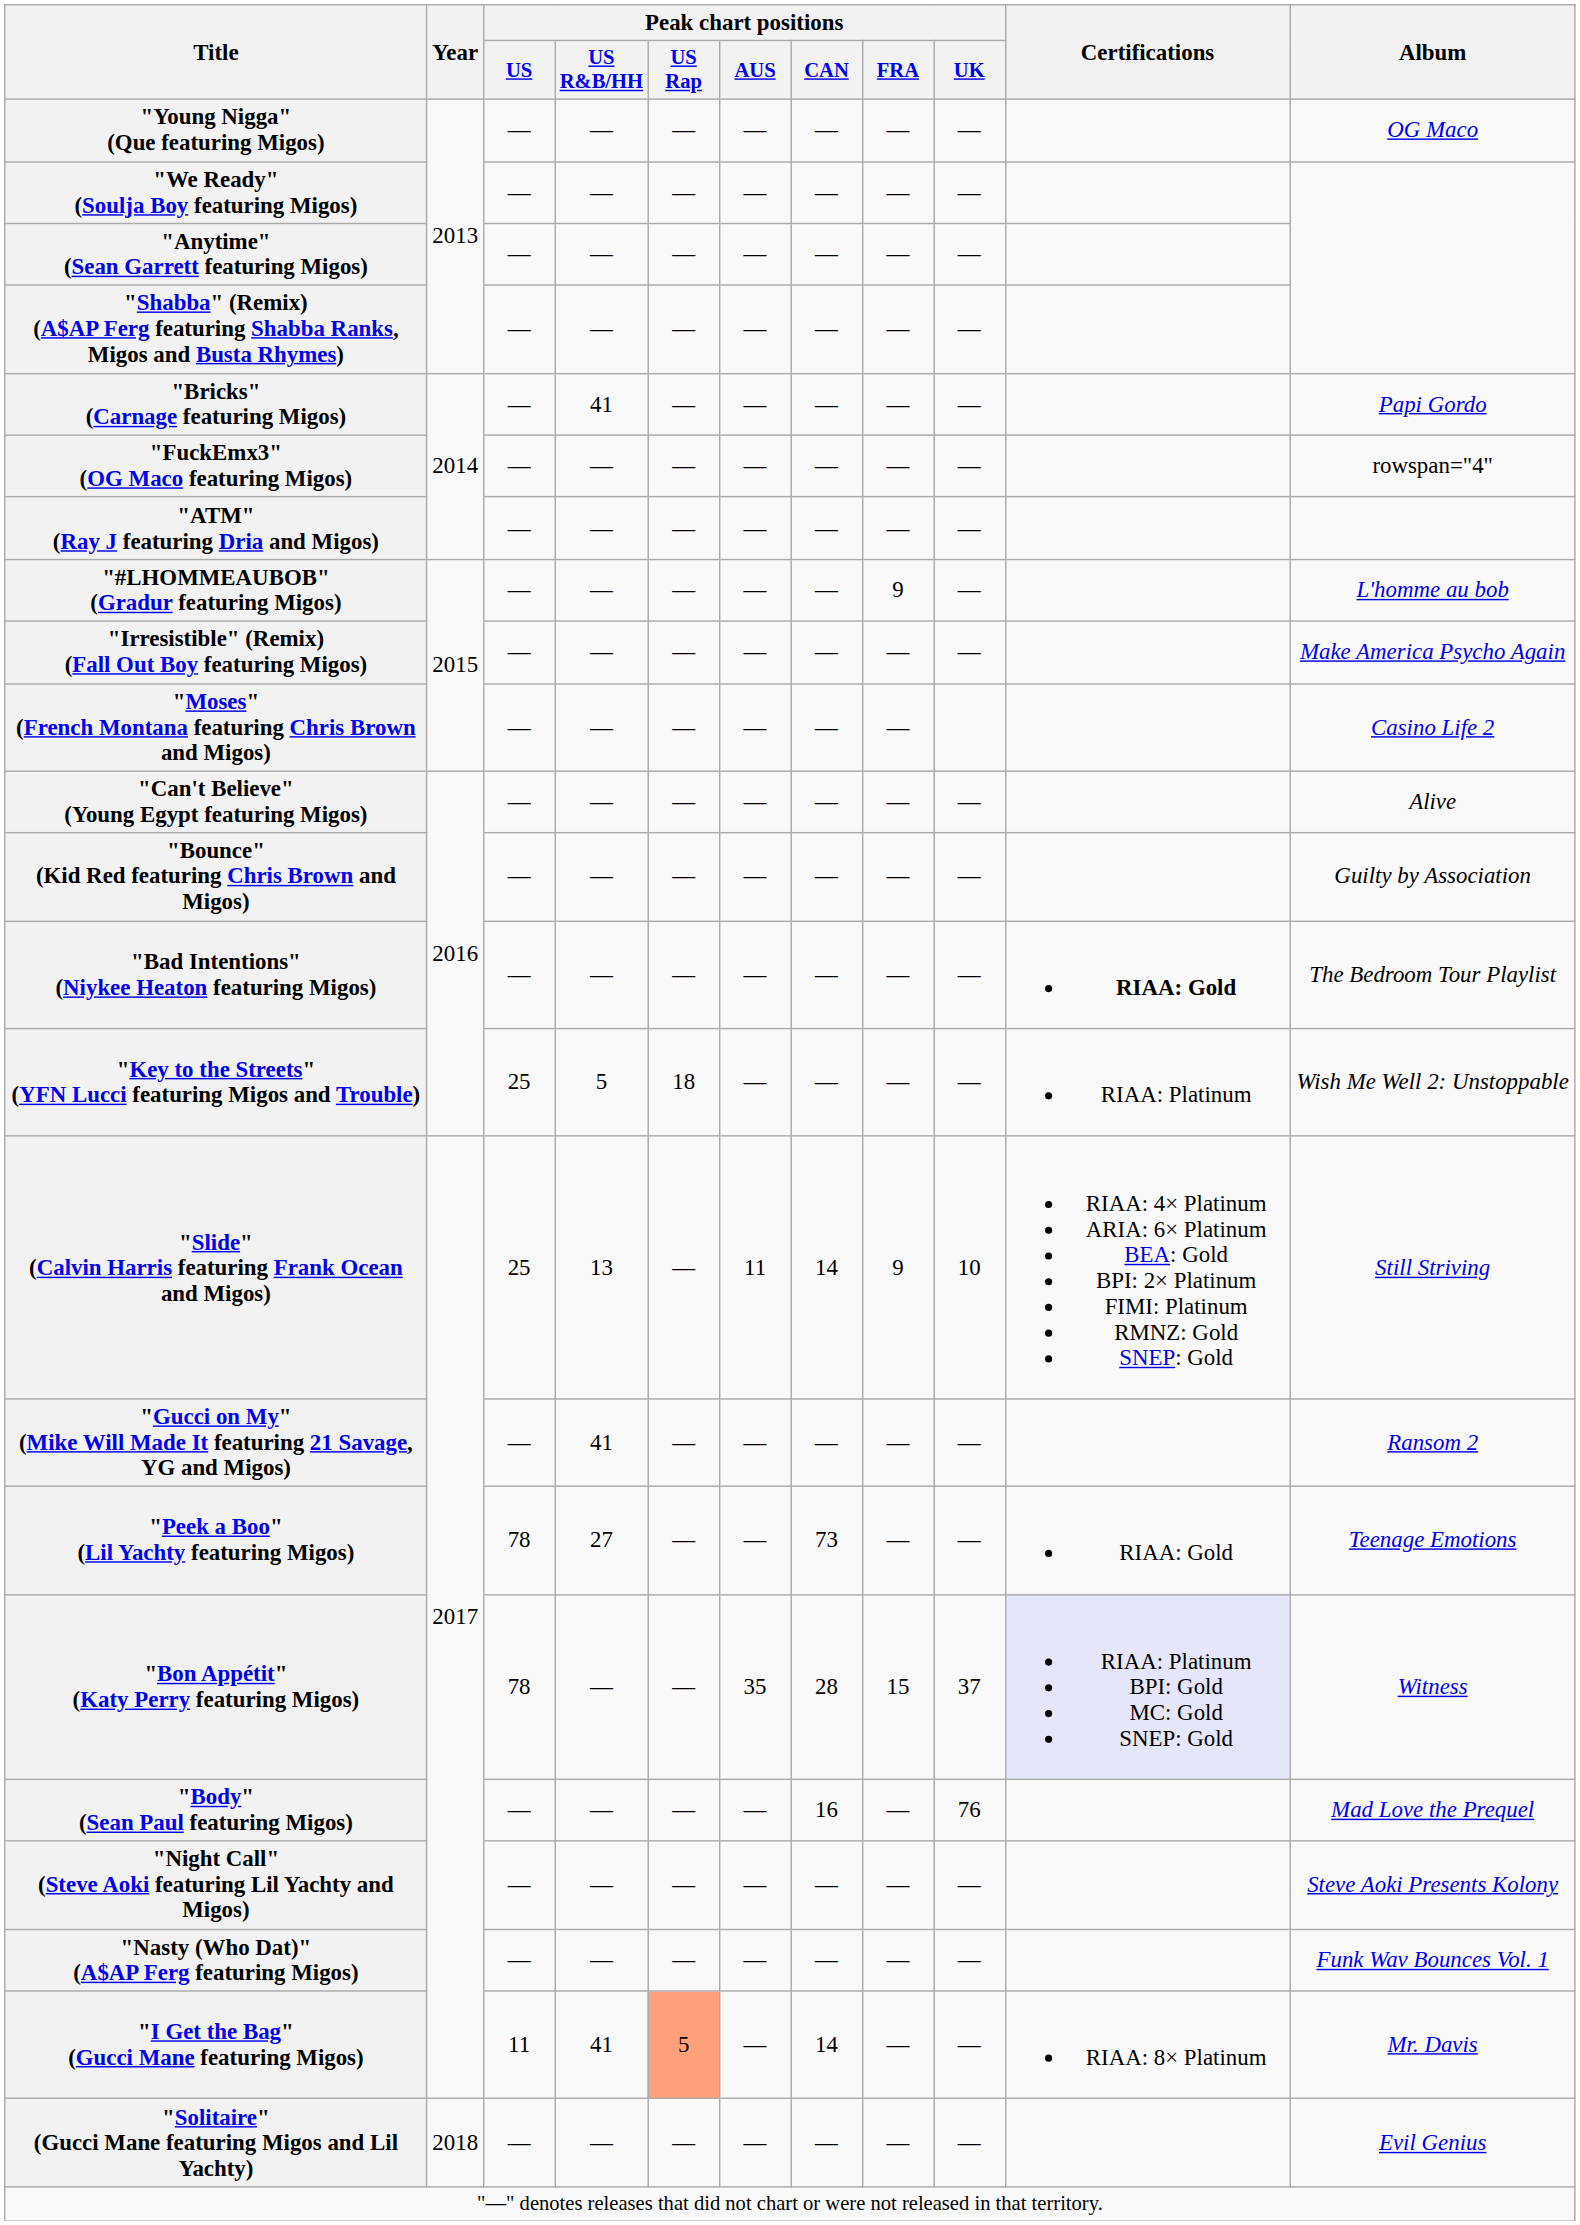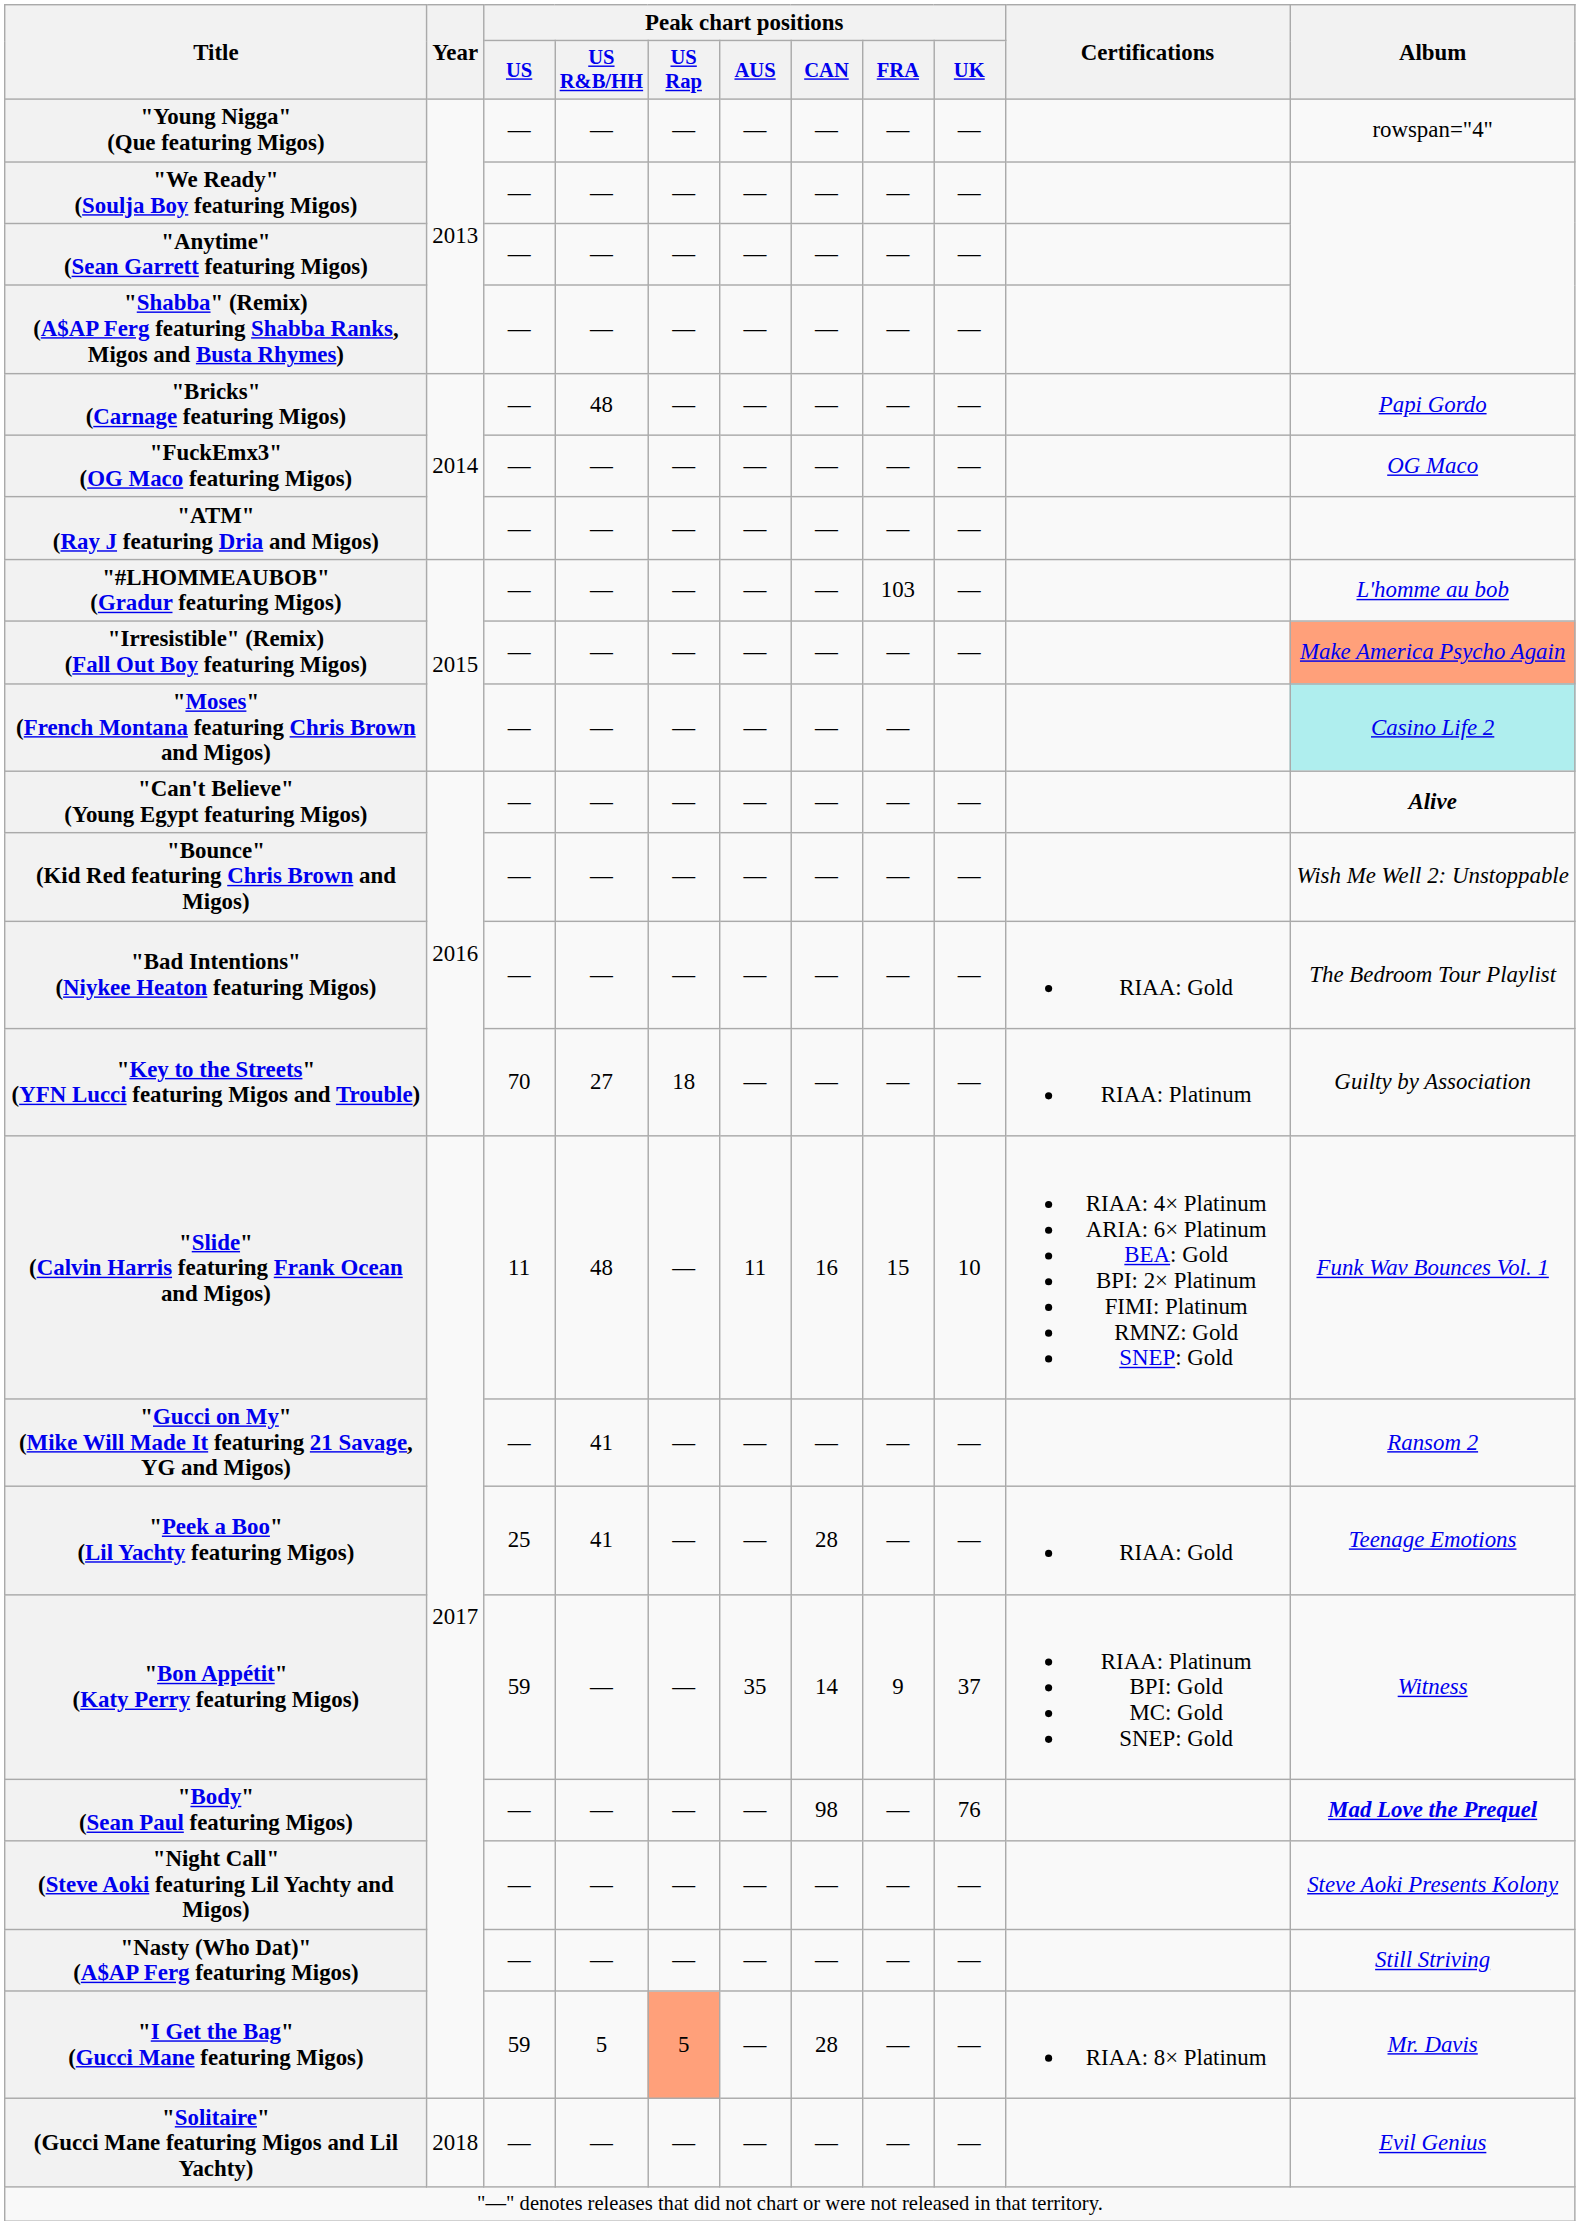 <table class="wikitable plainrowheaders" style="text-align:center;">
 <tr>
 <th scope="col" rowspan="2" style="width:18em;">Title</th>
 <th scope="col" rowspan="2" style="width:1em;">Year</th>
 <th scope="col" colspan="7">Peak chart positions</th>
 <th scope="col" rowspan="2" style="width:12em;">Certifications</th>
 <th scope="col" rowspan="2" style="width:12em;">Album</th>
 </tr>
 <tr>
 <th scope="col" style="width:3em;font-size:90%;"><a href='#'>US</a><br></th>
 <th scope="col" style="width:3em;font-size:90%;"><a href='#'>US<br>R&B/HH</a><br></th>
 <th scope="col" style="width:3em;font-size:90%;"><a href='#'>US Rap</a><br></th>
 <th scope="col" style="width:3em;font-size:90%;"><a href='#'>AUS</a><br></th>
 <th scope="col" style="width:3em;font-size:90%;"><a href='#'>CAN</a><br></th>
 <th scope="col" style="width:3em;font-size:90%;"><a href='#'>FRA</a><br></th>
 <th scope="col" style="width:3em;font-size:90%;"><a href='#'>UK</a><br></th>
 </tr>
 <tr>
 <th scope="row">"Young Nigga"<br><span>(Que featuring Migos)</span></th>
 <td rowspan="4">2013</td>
 <td>—</td>
 <td>—</td>
 <td>—</td>
 <td>—</td>
 <td>—</td>
 <td>—</td>
 <td>—</td>
 <td></td>
-<td><a href='#'><em>OG Maco</em></a></td>
+<td>rowspan="4" </td>
 </tr>
 <tr>
 <th scope="row">"We Ready"<br><span>(<a href='#'>Soulja Boy</a> featuring Migos)</span></th>
 <td>—</td>
 <td>—</td>
 <td>—</td>
 <td>—</td>
 <td>—</td>
 <td>—</td>
 <td>—</td>
 <td></td>
 </tr>
 <tr>
 <th scope="row">"Anytime"<br><span>(<a href='#'>Sean Garrett</a> featuring Migos)</span></th>
 <td>—</td>
 <td>—</td>
 <td>—</td>
 <td>—</td>
 <td>—</td>
 <td>—</td>
 <td>—</td>
 <td></td>
 </tr>
 <tr>
 <th scope="row">"<a href='#'>Shabba</a>" (Remix)<br><span>(<a href='#'>A$AP Ferg</a> featuring <a href='#'>Shabba Ranks</a>, Migos and <a href='#'>Busta Rhymes</a>)</span></th>
 <td>—</td>
 <td>—</td>
 <td>—</td>
 <td>—</td>
 <td>—</td>
 <td>—</td>
 <td>—</td>
 <td></td>
 </tr>
 <tr>
 <th scope="row">"Bricks"<br><span>(<a href='#'>Carnage</a> featuring Migos)</span></th>
 <td rowspan="3">2014</td>
 <td>—</td>
-<td>41</td>
+<td>48</td>
 <td>—</td>
 <td>—</td>
 <td>—</td>
 <td>—</td>
 <td>—</td>
 <td></td>
 <td><em><a href='#'>Papi Gordo</a></em></td>
 </tr>
 <tr>
 <th scope="row">"FuckEmx3"<br><span>(<a href='#'>OG Maco</a> featuring Migos)</span></th>
 <td>—</td>
 <td>—</td>
 <td>—</td>
 <td>—</td>
 <td>—</td>
 <td>—</td>
 <td>—</td>
 <td></td>
-<td>rowspan="4" </td>
+<td><a href='#'><em>OG Maco</em></a></td>
 </tr>
 <tr>
 <th scope="row">"ATM"<br><span>(<a href='#'>Ray J</a> featuring <a href='#'>Dria</a> and Migos)</span></th>
 <td>—</td>
 <td>—</td>
 <td>—</td>
 <td>—</td>
 <td>—</td>
 <td>—</td>
 <td>—</td>
 <td></td>
 <td></td>
 </tr>
 <tr>
 <th scope="row">"#LHOMMEAUBOB"<br><span>(<a href='#'>Gradur</a> featuring Migos)</span></th>
 <td rowspan="3">2015</td>
 <td>—</td>
 <td>—</td>
 <td>—</td>
 <td>—</td>
 <td>—</td>
-<td>9</td>
+<td>103</td>
 <td>—</td>
 <td></td>
 <td><em><a href='#'>L'homme au bob</a></em></td>
 </tr>
 <tr>
 <th scope="row">"Irresistible" (Remix)<br><span>(<a href='#'>Fall Out Boy</a> featuring Migos)</span></th>
 <td>—</td>
 <td>—</td>
 <td>—</td>
 <td>—</td>
 <td>—</td>
 <td>—</td>
 <td>—</td>
 <td></td>
-<td><em><a href='#'>Make America Psycho Again</a></em></td>
+<td style="background: lightsalmon;"><em><a href='#'>Make America Psycho Again</a></em></td>
 </tr>
 <tr>
 <th scope="row">"<a href='#'>Moses</a>"<br><span>(<a href='#'>French Montana</a> featuring <a href='#'>Chris Brown</a> and Migos) </span></th>
 <td>—</td>
 <td>—</td>
 <td>—</td>
 <td>—</td>
 <td>—</td>
 <td>—</td>
 <td></td>
 <td></td>
-<td><em><a href='#'>Casino Life 2</a></em></td>
+<td style="background: paleturquoise;"><em><a href='#'>Casino Life 2</a></em></td>
 </tr>
 <tr>
 <th scope="row">"Can't Believe"<br><span>(Young Egypt featuring Migos)</span></th>
 <td rowspan="4">2016</td>
 <td>—</td>
 <td>—</td>
 <td>—</td>
 <td>—</td>
 <td>—</td>
 <td>—</td>
 <td>—</td>
 <td></td>
-<td><em>Alive</em></td>
+<td><strong><em>Alive</em></strong></td>
 </tr>
 <tr>
 <th scope="row">"Bounce"<br><span>(Kid Red featuring <a href='#'>Chris Brown</a> and Migos) </span></th>
 <td>—</td>
 <td>—</td>
 <td>—</td>
 <td>—</td>
 <td>—</td>
 <td>—</td>
 <td>—</td>
 <td></td>
-<td><em>Guilty by Association</em></td>
+<td><em>Wish Me Well 2: Unstoppable</em></td>
 </tr>
 <tr>
 <th scope="row">"Bad Intentions"<br><span>(<a href='#'>Niykee Heaton</a> featuring Migos)</span></th>
 <td>—</td>
 <td>—</td>
 <td>—</td>
 <td>—</td>
 <td>—</td>
 <td>—</td>
 <td>—</td>
-<td><strong><br><ul><li>RIAA: Gold</li></ul></strong></td>
+<td><br><ul><li>RIAA: Gold</li></ul></td>
 <td><em>The Bedroom Tour Playlist</em></td>
 </tr>
 <tr>
 <th scope="row">"<a href='#'>Key to the Streets</a>"<br><span>(<a href='#'>YFN Lucci</a> featuring Migos and <a href='#'>Trouble</a>)</span></th>
-<td>25</td>
-<td>5</td>
+<td>70</td>
+<td>27</td>
 <td>18</td>
 <td>—</td>
 <td>—</td>
 <td>—</td>
 <td>—</td>
 <td><br><ul><li>RIAA: Platinum</li></ul></td>
-<td><em>Wish Me Well 2: Unstoppable</em></td>
+<td><em>Guilty by Association</em></td>
 </tr>
 <tr>
 <th scope="row">"<a href='#'>Slide</a>"<br><span>(<a href='#'>Calvin Harris</a> featuring <a href='#'>Frank Ocean</a> and Migos)</span></th>
 <td rowspan="8">2017</td>
-<td>25</td>
-<td>13</td>
+<td>11</td>
+<td>48</td>
 <td>—</td>
 <td>11</td>
-<td>14</td>
-<td>9</td>
+<td>16</td>
+<td>15</td>
 <td>10</td>
 <td><br><ul><li>RIAA: 4× Platinum</li><li>ARIA: 6× Platinum</li><li><a href='#'>BEA</a>: Gold</li><li>BPI: 2× Platinum</li><li>FIMI: Platinum</li><li>RMNZ: Gold</li><li><a href='#'>SNEP</a>: Gold</li></ul></td>
-<td><em><a href='#'>Still Striving</a></em></td>
+<td><em><a href='#'>Funk Wav Bounces Vol. 1</a></em></td>
 </tr>
 <tr>
 <th scope="row">"<a href='#'>Gucci on My</a>"<br><span>(<a href='#'>Mike Will Made It</a> featuring <a href='#'>21 Savage</a>, YG and Migos)</span></th>
 <td>—</td>
 <td>41</td>
 <td>—</td>
 <td>—</td>
 <td>—</td>
 <td>—</td>
 <td>—</td>
 <td></td>
 <td><em><a href='#'>Ransom 2</a></em></td>
 </tr>
 <tr>
 <th scope="row">"<a href='#'>Peek a Boo</a>"<br><span>(<a href='#'>Lil Yachty</a> featuring Migos)</span></th>
-<td>78</td>
-<td>27</td>
+<td>25</td>
+<td>41</td>
 <td>—</td>
 <td>—</td>
-<td>73</td>
+<td>28</td>
 <td>—</td>
 <td>—</td>
 <td><br><ul><li>RIAA: Gold</li></ul></td>
 <td><em><a href='#'>Teenage Emotions</a></em></td>
 </tr>
 <tr>
 <th scope="row">"<a href='#'>Bon Appétit</a>"<br><span>(<a href='#'>Katy Perry</a> featuring Migos)</span></th>
-<td>78</td>
+<td>59</td>
 <td>—</td>
 <td>—</td>
 <td>35</td>
-<td>28</td>
-<td>15</td>
+<td>14</td>
+<td>9</td>
 <td>37</td>
-<td style="background: lavender;"><br><ul><li>RIAA: Platinum</li><li>BPI: Gold</li><li>MC: Gold</li><li>SNEP: Gold</li></ul></td>
+<td><br><ul><li>RIAA: Platinum</li><li>BPI: Gold</li><li>MC: Gold</li><li>SNEP: Gold</li></ul></td>
 <td><em><a href='#'>Witness</a></em></td>
 </tr>
 <tr>
 <th scope="row">"<a href='#'>Body</a>"<br><span>(<a href='#'>Sean Paul</a> featuring Migos)</span></th>
 <td>—</td>
 <td>—</td>
 <td>—</td>
 <td>—</td>
-<td>16</td>
+<td>98</td>
 <td>—</td>
 <td>76</td>
 <td></td>
-<td><em><a href='#'>Mad Love the Prequel</a></em></td>
+<td><strong><em><a href='#'>Mad Love the Prequel</a></em></strong></td>
 </tr>
 <tr>
 <th scope="row">"Night Call"<br><span>(<a href='#'>Steve Aoki</a> featuring Lil Yachty and Migos)</span></th>
 <td>—</td>
 <td>—</td>
 <td>—</td>
 <td>—</td>
 <td>—</td>
 <td>—</td>
 <td>—</td>
 <td></td>
 <td><em><a href='#'>Steve Aoki Presents Kolony</a></em></td>
 </tr>
 <tr>
 <th scope="row">"Nasty (Who Dat)"<br><span>(<a href='#'>A$AP Ferg</a> featuring Migos)</span></th>
 <td>—</td>
 <td>—</td>
 <td>—</td>
 <td>—</td>
 <td>—</td>
 <td>—</td>
 <td>—</td>
 <td></td>
-<td><em><a href='#'>Funk Wav Bounces Vol. 1</a></em></td>
+<td><em><a href='#'>Still Striving</a></em></td>
 </tr>
 <tr>
 <th scope="row">"<a href='#'>I Get the Bag</a>"<br><span>(<a href='#'>Gucci Mane</a> featuring Migos)</span></th>
-<td>11</td>
-<td>41</td>
+<td>59</td>
+<td>5</td>
 <td style="background: lightsalmon;">5</td>
 <td>—</td>
-<td>14</td>
+<td>28</td>
 <td>—</td>
 <td>—</td>
 <td><br><ul><li>RIAA: 8× Platinum</li></ul></td>
 <td><em><a href='#'>Mr. Davis</a></em></td>
 </tr>
 <tr>
 <th scope="row">"<a href='#'>Solitaire</a>"<br><span>(Gucci Mane featuring Migos and Lil Yachty)</span></th>
 <td>2018</td>
 <td>—</td>
 <td>—</td>
 <td>—</td>
 <td>—</td>
 <td>—</td>
 <td>—</td>
 <td>—</td>
 <td></td>
 <td><em><a href='#'>Evil Genius</a></em></td>
 </tr>
 <tr>
 <td colspan="15" style="font-size:90%">"—" denotes releases that did not chart or were not released in that territory.</td>
 </tr>
 </table>
